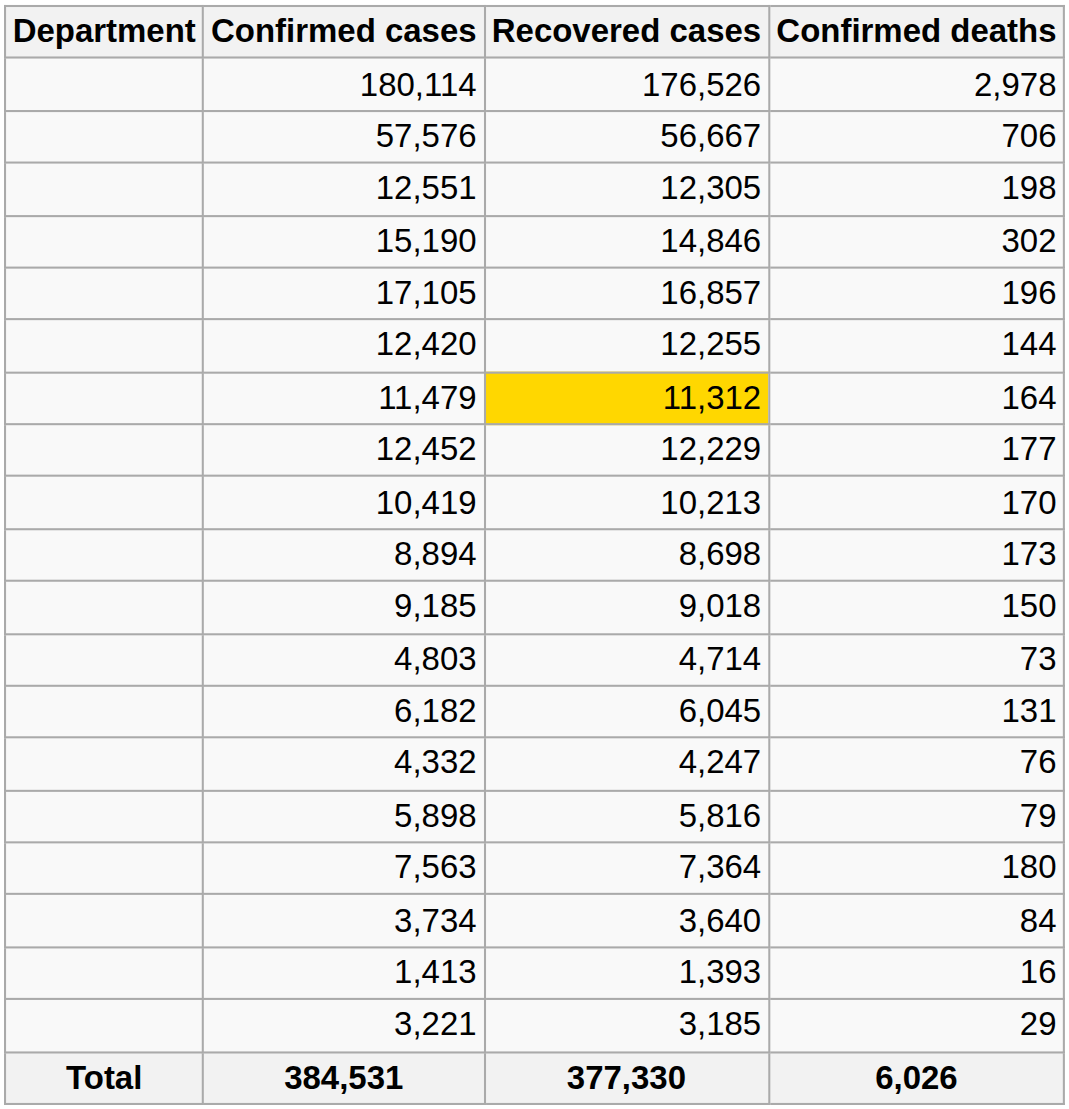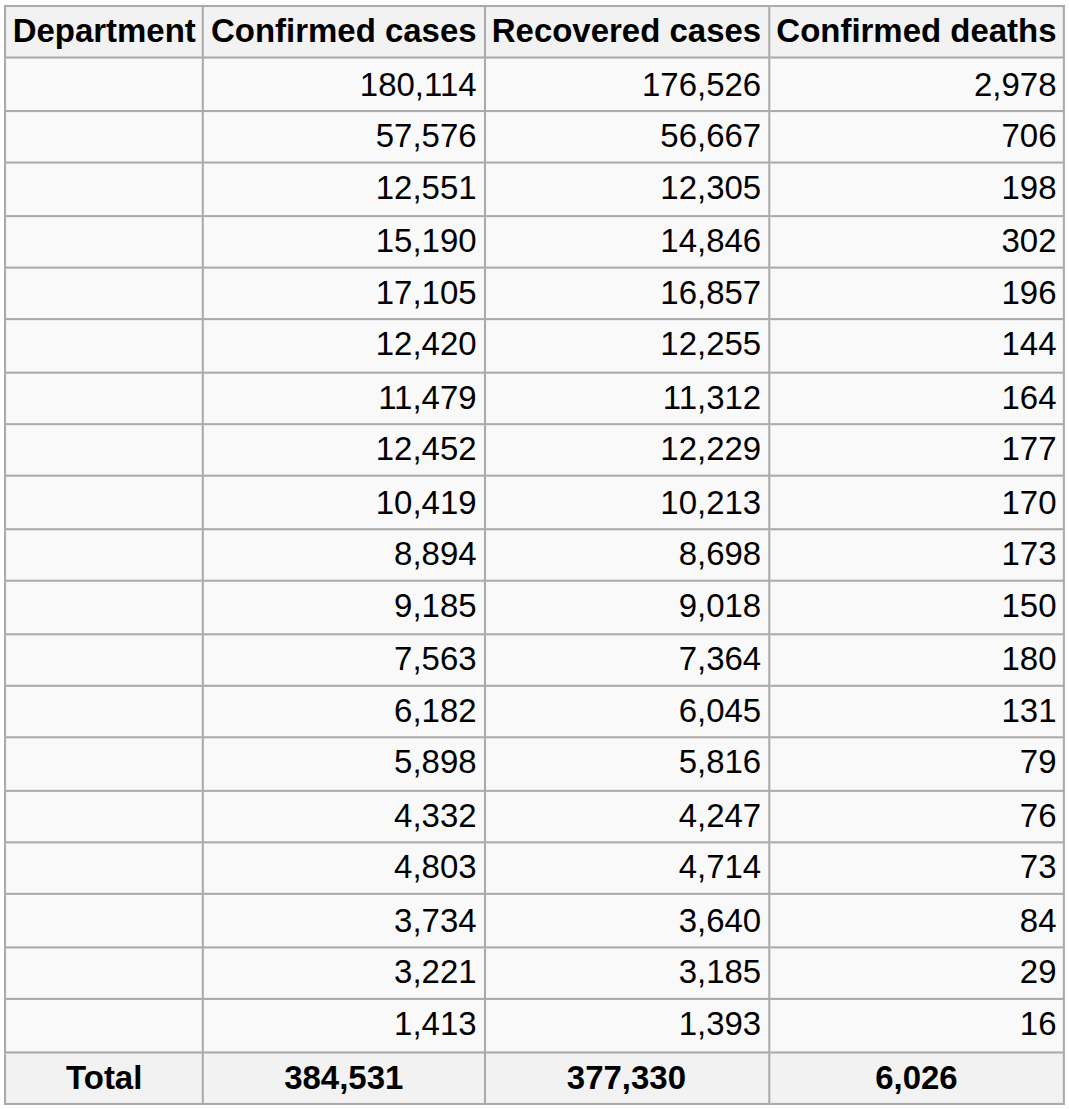 <table class="wikitable sortable" style="text-align:right; display:inline-table;">
 <tr>
 <th>Department</th>
 <th>Confirmed cases</th>
 <th>Recovered cases</th>
 <th>Confirmed deaths</th>
 </tr>
 <tr>
 <td style="text-align:left;"></td>
 <td>180,114</td>
 <td>176,526</td>
 <td>2,978</td>
 </tr>
 <tr>
 <td style="text-align:left;"></td>
 <td>57,576</td>
 <td>56,667</td>
 <td>706</td>
 </tr>
 <tr>
 <td style="text-align:left;"></td>
 <td>12,551</td>
 <td>12,305</td>
 <td>198</td>
 </tr>
 <tr>
 <td style="text-align:left;"></td>
 <td>15,190</td>
 <td>14,846</td>
 <td>302</td>
 </tr>
 <tr>
 <td style="text-align:left;"></td>
 <td>17,105</td>
 <td>16,857</td>
 <td>196</td>
 </tr>
 <tr>
 <td style="text-align:left;"></td>
 <td>12,420</td>
 <td>12,255</td>
 <td>144</td>
 </tr>
 <tr>
 <td style="text-align:left;"></td>
 <td>11,479</td>
-<td style="background: gold;">11,312</td>
+<td>11,312</td>
 <td>164</td>
 </tr>
 <tr>
 <td style="text-align:left;"></td>
 <td>12,452</td>
 <td>12,229</td>
 <td>177</td>
 </tr>
 <tr>
 <td style="text-align:left;"></td>
 <td>10,419</td>
 <td>10,213</td>
 <td>170</td>
 </tr>
 <tr>
 <td style="text-align:left;"></td>
 <td>8,894</td>
 <td>8,698</td>
 <td>173</td>
 </tr>
 <tr>
 <td style="text-align:left;"></td>
 <td>9,185</td>
 <td>9,018</td>
 <td>150</td>
 </tr>
 <tr>
 <td style="text-align:left;"></td>
-<td>4,803</td>
-<td>4,714</td>
-<td>73</td>
+<td>7,563</td>
+<td>7,364</td>
+<td>180</td>
 </tr>
 <tr>
 <td style="text-align:left;"></td>
 <td>6,182</td>
 <td>6,045</td>
 <td>131</td>
 </tr>
 <tr>
 <td style="text-align:left;"></td>
+<td>5,898</td>
+<td>5,816</td>
+<td>79</td>
+</tr>
+<tr>
+<td style="text-align:left;"></td>
 <td>4,332</td>
 <td>4,247</td>
 <td>76</td>
 </tr>
 <tr>
 <td style="text-align:left;"></td>
-<td>5,898</td>
-<td>5,816</td>
-<td>79</td>
-</tr>
-<tr>
-<td style="text-align:left;"></td>
-<td>7,563</td>
-<td>7,364</td>
-<td>180</td>
+<td>4,803</td>
+<td>4,714</td>
+<td>73</td>
 </tr>
 <tr>
 <td style="text-align:left;"></td>
 <td>3,734</td>
 <td>3,640</td>
 <td>84</td>
 </tr>
 <tr>
 <td style="text-align:left;"></td>
+<td>3,221</td>
+<td>3,185</td>
+<td>29</td>
+</tr>
+<tr>
+<td style="text-align:left;"></td>
 <td>1,413</td>
 <td>1,393</td>
 <td>16</td>
-</tr>
-<tr>
-<td style="text-align:left;"></td>
-<td>3,221</td>
-<td>3,185</td>
-<td>29</td>
 </tr>
 <tr>
 <th>Total</th>
 <th>384,531</th>
 <th>377,330</th>
 <th>6,026</th>
 </tr>
 </table>
